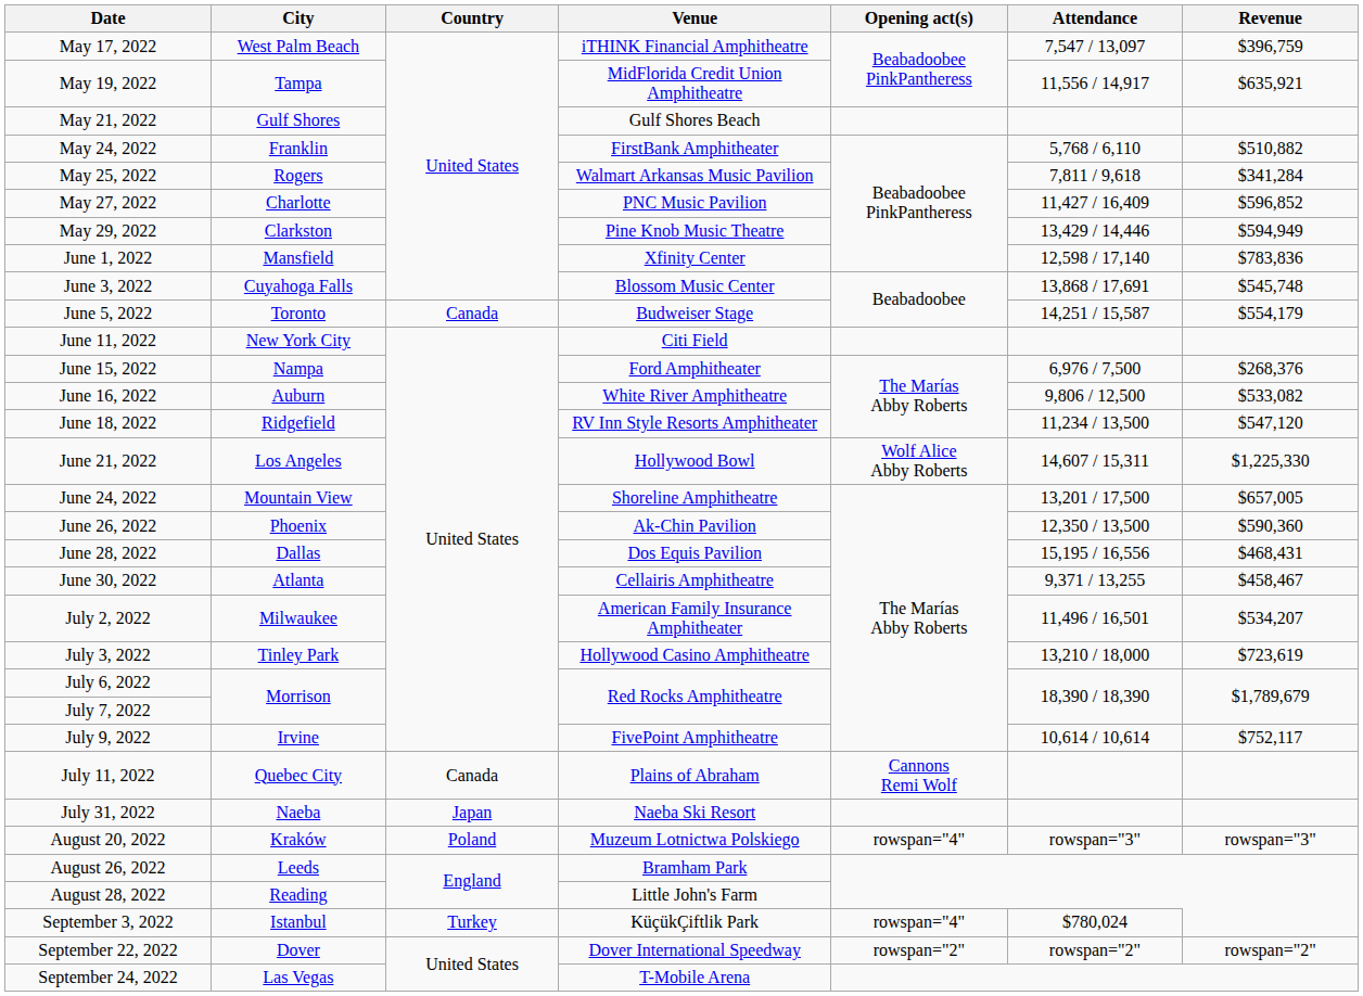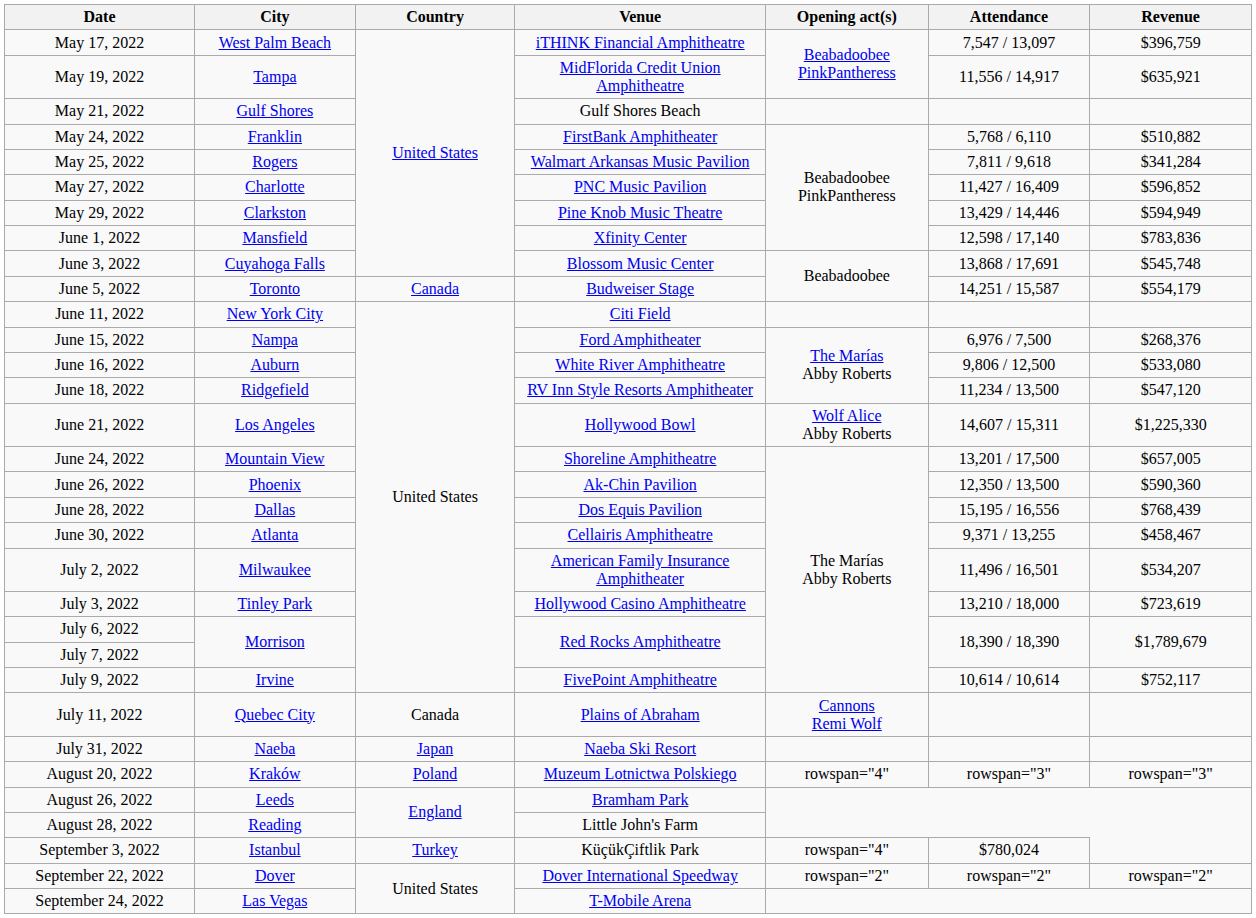 <table class="wikitable plainrowheaders" style="text-align:center;">
 <tr>
 <th scope="col" style="width:12em;">Date</th>
 <th scope="col" style="width:10em;">City</th>
 <th scope="col" style="width:10em;">Country</th>
 <th scope="col" style="width:16em;">Venue</th>
 <th scope="col" style="width:10em;">Opening act(s)</th>
 <th scope="col" style="width:10em;">Attendance</th>
 <th scope="col" style="width:10em;">Revenue</th>
 </tr>
 <tr>
 <td>May 17, 2022</td>
 <td><a href='#'>West Palm Beach</a></td>
 <td rowspan="9"><a href='#'>United States</a></td>
 <td><a href='#'>iTHINK Financial Amphitheatre</a></td>
 <td rowspan="2"><a href='#'>Beabadoobee</a><br><a href='#'>PinkPantheress</a></td>
 <td>7,547 / 13,097</td>
 <td>$396,759</td>
 </tr>
 <tr>
 <td>May 19, 2022</td>
 <td><a href='#'>Tampa</a></td>
 <td><a href='#'>MidFlorida Credit Union Amphitheatre</a></td>
 <td>11,556 / 14,917</td>
 <td>$635,921</td>
 </tr>
 <tr>
 <td>May 21, 2022</td>
 <td><a href='#'>Gulf Shores</a></td>
 <td>Gulf Shores Beach</td>
 <td></td>
 <td></td>
 <td></td>
 </tr>
 <tr>
 <td>May 24, 2022</td>
 <td><a href='#'>Franklin</a></td>
 <td><a href='#'>FirstBank Amphitheater</a></td>
 <td rowspan="5">Beabadoobee<br>PinkPantheress</td>
 <td>5,768 / 6,110</td>
 <td>$510,882</td>
 </tr>
 <tr>
 <td>May 25, 2022</td>
 <td><a href='#'>Rogers</a></td>
 <td><a href='#'>Walmart Arkansas Music Pavilion</a></td>
 <td>7,811 / 9,618</td>
 <td>$341,284</td>
 </tr>
 <tr>
 <td>May 27, 2022</td>
 <td><a href='#'>Charlotte</a></td>
 <td><a href='#'>PNC Music Pavilion</a></td>
 <td>11,427 / 16,409</td>
 <td>$596,852</td>
 </tr>
 <tr>
 <td>May 29, 2022</td>
 <td><a href='#'>Clarkston</a></td>
 <td><a href='#'>Pine Knob Music Theatre</a></td>
 <td>13,429 / 14,446</td>
 <td>$594,949</td>
 </tr>
 <tr>
 <td>June 1, 2022</td>
 <td><a href='#'>Mansfield</a></td>
 <td><a href='#'>Xfinity Center</a></td>
 <td>12,598 / 17,140</td>
 <td>$783,836</td>
 </tr>
 <tr>
 <td>June 3, 2022</td>
 <td><a href='#'>Cuyahoga Falls</a></td>
 <td><a href='#'>Blossom Music Center</a></td>
 <td rowspan="2">Beabadoobee</td>
 <td>13,868 / 17,691</td>
 <td>$545,748</td>
 </tr>
 <tr>
 <td>June 5, 2022</td>
 <td><a href='#'>Toronto</a></td>
 <td><a href='#'>Canada</a></td>
 <td><a href='#'>Budweiser Stage</a></td>
 <td>14,251 / 15,587</td>
 <td>$554,179</td>
 </tr>
 <tr>
 <td>June 11, 2022</td>
 <td><a href='#'>New York City</a></td>
 <td rowspan="14">United States</td>
 <td><a href='#'>Citi Field</a></td>
 <td></td>
 <td></td>
 <td></td>
 </tr>
 <tr>
 <td>June 15, 2022</td>
 <td><a href='#'>Nampa</a></td>
 <td><a href='#'>Ford Amphitheater</a></td>
 <td rowspan="3"><a href='#'>The Marías</a><br>Abby Roberts</td>
 <td>6,976 / 7,500</td>
 <td>$268,376</td>
 </tr>
 <tr>
 <td>June 16, 2022</td>
 <td><a href='#'>Auburn</a></td>
 <td><a href='#'>White River Amphitheatre</a></td>
 <td>9,806 / 12,500</td>
-<td>$533,082</td>
+<td>$533,080</td>
 </tr>
 <tr>
 <td>June 18, 2022</td>
 <td><a href='#'>Ridgefield</a></td>
 <td><a href='#'>RV Inn Style Resorts Amphitheater</a></td>
 <td>11,234 / 13,500</td>
 <td>$547,120</td>
 </tr>
 <tr>
 <td>June 21, 2022</td>
 <td><a href='#'>Los Angeles</a></td>
 <td><a href='#'>Hollywood Bowl</a></td>
 <td><a href='#'>Wolf Alice</a><br>Abby Roberts</td>
 <td>14,607 / 15,311</td>
 <td>$1,225,330</td>
 </tr>
 <tr>
 <td>June 24, 2022</td>
 <td><a href='#'>Mountain View</a></td>
 <td><a href='#'>Shoreline Amphitheatre</a></td>
 <td rowspan="9">The Marías<br>Abby Roberts</td>
 <td>13,201 / 17,500</td>
 <td>$657,005</td>
 </tr>
 <tr>
 <td>June 26, 2022</td>
 <td><a href='#'>Phoenix</a></td>
 <td><a href='#'>Ak-Chin Pavilion</a></td>
 <td>12,350 / 13,500</td>
 <td>$590,360</td>
 </tr>
 <tr>
 <td>June 28, 2022</td>
 <td><a href='#'>Dallas</a></td>
 <td><a href='#'>Dos Equis Pavilion</a></td>
 <td>15,195 / 16,556</td>
-<td>$468,431</td>
+<td>$768,439</td>
 </tr>
 <tr>
 <td>June 30, 2022</td>
 <td><a href='#'>Atlanta</a></td>
 <td><a href='#'>Cellairis Amphitheatre</a></td>
 <td>9,371 / 13,255</td>
 <td>$458,467</td>
 </tr>
 <tr>
 <td>July 2, 2022</td>
 <td><a href='#'>Milwaukee</a></td>
 <td><a href='#'>American Family Insurance Amphitheater</a></td>
 <td>11,496 / 16,501</td>
 <td>$534,207</td>
 </tr>
 <tr>
 <td>July 3, 2022</td>
 <td><a href='#'>Tinley Park</a></td>
 <td><a href='#'>Hollywood Casino Amphitheatre</a></td>
 <td>13,210 / 18,000</td>
 <td>$723,619</td>
 </tr>
 <tr>
 <td>July 6, 2022</td>
 <td rowspan="2"><a href='#'>Morrison</a></td>
 <td rowspan="2"><a href='#'>Red Rocks Amphitheatre</a></td>
 <td rowspan="2">18,390 / 18,390</td>
 <td rowspan="2">$1,789,679</td>
 </tr>
 <tr>
 <td>July 7, 2022</td>
 </tr>
 <tr>
 <td>July 9, 2022</td>
 <td><a href='#'>Irvine</a></td>
 <td><a href='#'>FivePoint Amphitheatre</a></td>
 <td>10,614 / 10,614</td>
 <td>$752,117</td>
 </tr>
 <tr>
 <td>July 11, 2022</td>
 <td><a href='#'>Quebec City</a></td>
 <td>Canada</td>
 <td><a href='#'>Plains of Abraham</a></td>
 <td><a href='#'>Cannons</a><br><a href='#'>Remi Wolf</a></td>
 <td></td>
 <td></td>
 </tr>
 <tr>
 <td>July 31, 2022</td>
 <td><a href='#'>Naeba</a></td>
 <td><a href='#'>Japan</a></td>
 <td><a href='#'>Naeba Ski Resort</a></td>
 <td></td>
 <td></td>
 <td></td>
 </tr>
 <tr>
 <td>August 20, 2022</td>
 <td><a href='#'>Kraków</a></td>
 <td><a href='#'>Poland</a></td>
 <td><a href='#'>Muzeum Lotnictwa Polskiego</a></td>
 <td>rowspan="4" </td>
 <td>rowspan="3" </td>
 <td>rowspan="3" </td>
 </tr>
 <tr>
 <td>August 26, 2022</td>
 <td><a href='#'>Leeds</a></td>
 <td rowspan="2"><a href='#'>England</a></td>
 <td><a href='#'>Bramham Park</a></td>
 </tr>
 <tr>
 <td>August 28, 2022</td>
 <td><a href='#'>Reading</a></td>
 <td>Little John's Farm</td>
 </tr>
 <tr>
 <td>September 3, 2022</td>
 <td><a href='#'>Istanbul</a></td>
 <td><a href='#'>Turkey</a></td>
 <td>KüçükÇiftlik Park</td>
 <td>rowspan="4" </td>
 <td>$780,024</td>
 </tr>
 <tr>
 <td>September 22, 2022</td>
 <td><a href='#'>Dover</a></td>
 <td rowspan="2">United States</td>
 <td><a href='#'>Dover International Speedway</a></td>
 <td>rowspan="2" </td>
 <td>rowspan="2" </td>
 <td>rowspan="2" </td>
 </tr>
 <tr>
 <td>September 24, 2022</td>
 <td><a href='#'>Las Vegas</a></td>
 <td><a href='#'>T-Mobile Arena</a></td>
 </tr>
 </table>
